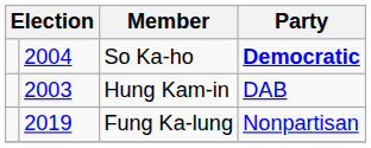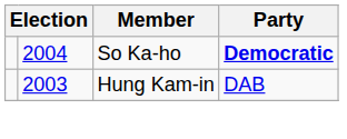 <table class="wikitable">
 <tr>
 <th colspan="2">Election</th>
 <th>Member</th>
 <th>Party</th>
 </tr>
 <tr>
 <td style="background-color:"></td>
 <td><a href='#'>2004</a></td>
 <td>So Ka-ho</td>
 <td><strong><a href='#'>Democratic</a></strong></td>
 </tr>
 <tr>
 <td style="background-color:"></td>
 <td><a href='#'>2003</a></td>
 <td>Hung Kam-in</td>
 <td><a href='#'>DAB</a></td>
 </tr>
 <tr>
-<td style="background-color:"></td>
-<td><a href='#'>2019</a></td>
-<td>Fung Ka-lung</td>
-<td><a href='#'>Nonpartisan</a></td>
-</tr>
-<tr>
 </tr>
 </table>
